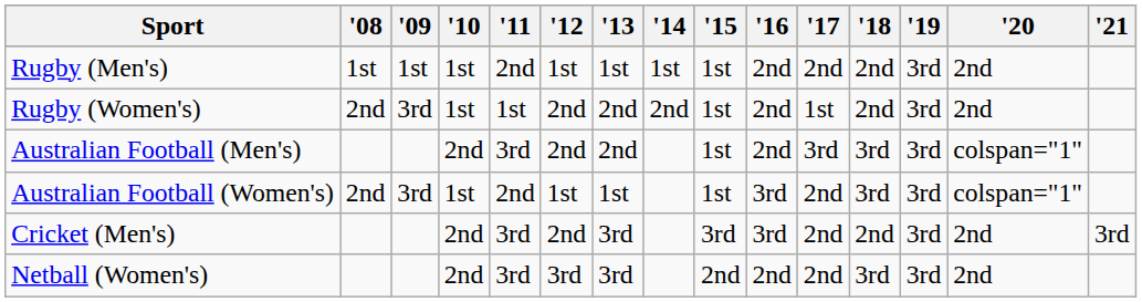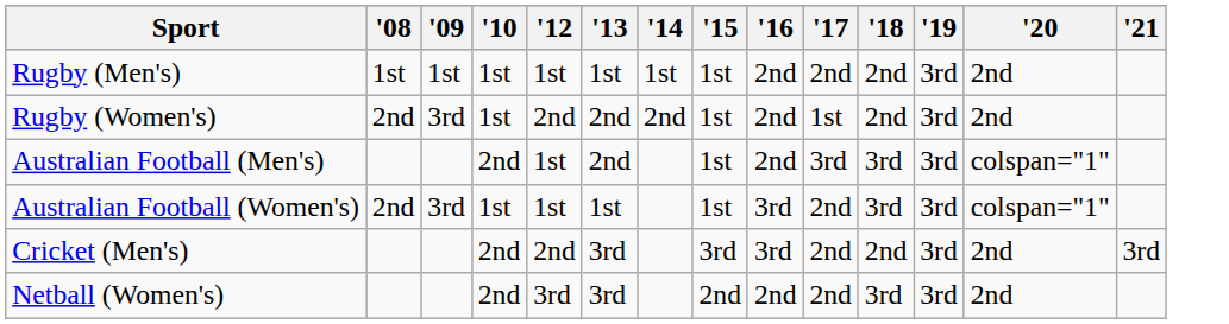 <table class="wikitable">
 <tr style="background:#bdb76b;">
 <th>Sport</th>
 <th>'08</th>
 <th>'09</th>
 <th>'10</th>
-<th>'11</th>
 <th>'12</th>
 <th>'13</th>
 <th>'14</th>
 <th>'15</th>
 <th>'16</th>
 <th>'17</th>
 <th>'18</th>
 <th>'19</th>
 <th>'20</th>
 <th>'21</th>
 </tr>
 <tr>
 <td><a href='#'>Rugby</a> (Men's)</td>
 <td>1st</td>
 <td>1st</td>
 <td>1st</td>
-<td>2nd</td>
 <td>1st</td>
 <td>1st</td>
 <td>1st</td>
 <td>1st</td>
 <td>2nd</td>
 <td>2nd</td>
 <td>2nd</td>
 <td>3rd</td>
 <td>2nd</td>
 <td></td>
 </tr>
 <tr>
 <td><a href='#'>Rugby</a> (Women's)</td>
 <td>2nd</td>
 <td>3rd</td>
-<td>1st</td>
 <td>1st</td>
 <td>2nd</td>
 <td>2nd</td>
 <td>2nd</td>
 <td>1st</td>
 <td>2nd</td>
 <td>1st</td>
 <td>2nd</td>
 <td>3rd</td>
 <td>2nd</td>
 <td></td>
 </tr>
 <tr>
 <td><a href='#'>Australian Football</a> (Men's)</td>
 <td></td>
 <td></td>
 <td>2nd</td>
-<td>3rd</td>
-<td>2nd</td>
+<td>1st</td>
 <td>2nd</td>
 <td></td>
 <td>1st</td>
 <td>2nd</td>
 <td>3rd</td>
 <td>3rd</td>
 <td>3rd</td>
 <td>colspan="1" </td>
 <td></td>
 </tr>
 <tr>
 <td><a href='#'>Australian Football</a> (Women's)</td>
 <td>2nd</td>
 <td>3rd</td>
 <td>1st</td>
-<td>2nd</td>
 <td>1st</td>
 <td>1st</td>
 <td></td>
 <td>1st</td>
 <td>3rd</td>
 <td>2nd</td>
 <td>3rd</td>
 <td>3rd</td>
 <td>colspan="1" </td>
 <td></td>
 </tr>
 <tr>
 <td><a href='#'>Cricket</a> (Men's)</td>
 <td></td>
 <td></td>
 <td>2nd</td>
-<td>3rd</td>
 <td>2nd</td>
 <td>3rd</td>
 <td></td>
 <td>3rd</td>
 <td>3rd</td>
 <td>2nd</td>
 <td>2nd</td>
 <td>3rd</td>
 <td>2nd</td>
 <td>3rd</td>
 </tr>
 <tr>
 <td><a href='#'>Netball</a> (Women's)</td>
 <td></td>
 <td></td>
 <td>2nd</td>
 <td>3rd</td>
 <td>3rd</td>
-<td>3rd</td>
 <td></td>
 <td>2nd</td>
 <td>2nd</td>
 <td>2nd</td>
 <td>3rd</td>
 <td>3rd</td>
 <td>2nd</td>
 <td></td>
 </tr>
 </table>
